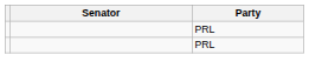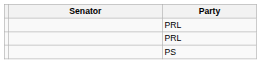 <table class="sortable wikitable" style="text-align:left; font-size:90%;">
 <tr>
 <th></th>
 <th width="250">Senator</th>
 <th width="150">Party</th>
 </tr>
 <tr>
 <td></td>
 <td></td>
 <td>PRL</td>
 </tr>
 <tr>
 <td></td>
 <td></td>
 <td>PRL</td>
 </tr>
+<tr>
+<td></td>
+<td></td>
+<td>PS</td>
+</tr>
 </table>
